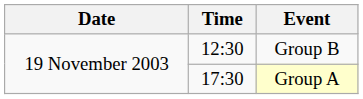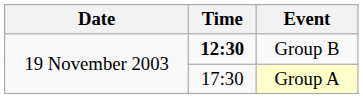 <table class = "wikitable" style="text-align:center;">
 <tr>
 <th width=150>Date</th>
 <th width=50>Time</th>
 <th width=80>Event</th>
 </tr>
 <tr>
 <td rowspan=2>19 November 2003</td>
-<td>12:30</td>
+<td><strong>12:30</strong></td>
 <td>Group B</td>
 </tr>
 <tr>
 <td>17:30</td>
 <td bgcolor=ffffcc>Group A</td>
 </tr>
 </table>
